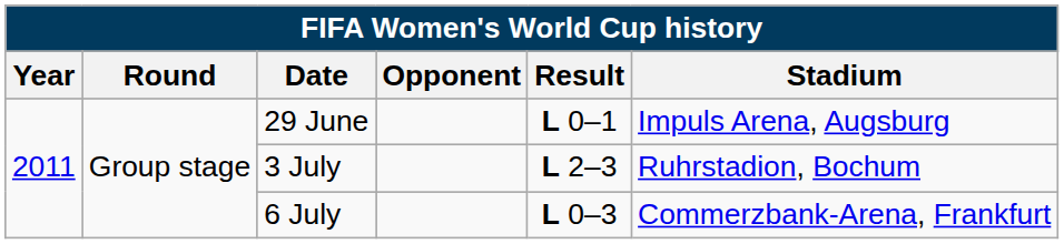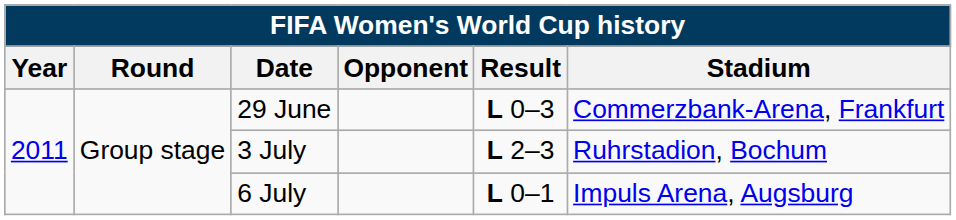 <table class="wikitable" style="text-align: center;font-size:100%;">
 <tr>
 <th colspan=6 style="background: #013A5E; color: #FFFFFF;">FIFA Women's World Cup history</th>
 </tr>
 <tr>
 <th>Year</th>
 <th>Round</th>
 <th>Date</th>
 <th>Opponent</th>
 <th>Result</th>
 <th>Stadium</th>
 </tr>
 <tr>
 <td rowspan=3> <a href='#'>2011</a></td>
 <td rowspan=3>Group stage</td>
 <td align="left">29 June</td>
 <td align="left"></td>
-<td><strong>L</strong> 0–1</td>
-<td align="left"><a href='#'>Impuls Arena</a>, <a href='#'>Augsburg</a></td>
+<td><strong>L</strong> 0–3</td>
+<td align="left"><a href='#'>Commerzbank-Arena</a>, <a href='#'>Frankfurt</a></td>
 </tr>
 <tr>
 <td align="left">3 July</td>
 <td align="left"></td>
 <td><strong>L</strong> 2–3</td>
 <td align="left"><a href='#'>Ruhrstadion</a>, <a href='#'>Bochum</a></td>
 </tr>
 <tr>
 <td align="left">6 July</td>
 <td align="left"></td>
-<td><strong>L</strong> 0–3</td>
-<td align="left"><a href='#'>Commerzbank-Arena</a>, <a href='#'>Frankfurt</a></td>
+<td><strong>L</strong> 0–1</td>
+<td align="left"><a href='#'>Impuls Arena</a>, <a href='#'>Augsburg</a></td>
 </tr>
 </table>
